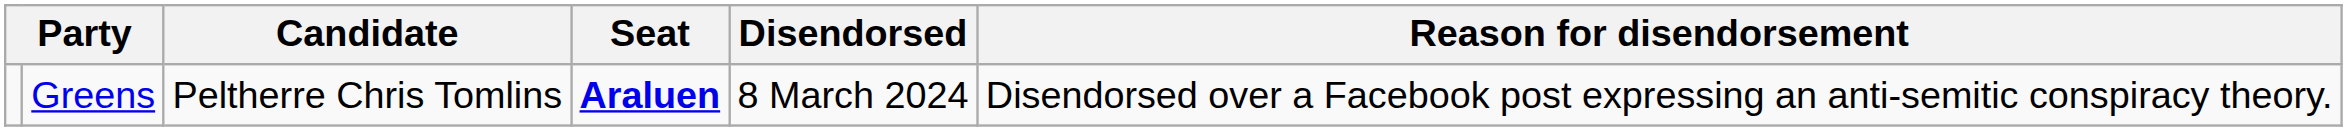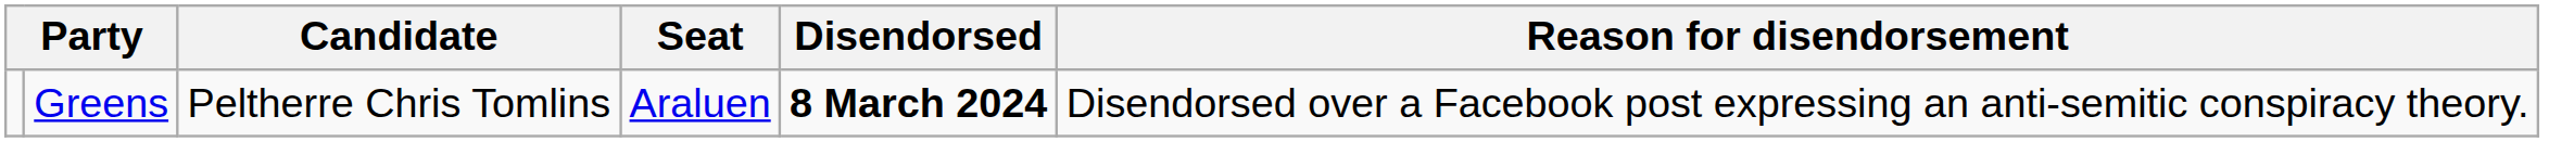 <table class="wikitable">
 <tr>
 <th colspan="2">Party</th>
 <th>Candidate</th>
 <th>Seat</th>
 <th>Disendorsed</th>
 <th>Reason for disendorsement</th>
 </tr>
 <tr>
 <td></td>
 <td><a href='#'>Greens</a></td>
 <td>Peltherre Chris Tomlins</td>
-<td><strong><a href='#'>Araluen</a></strong></td>
-<td>8 March 2024</td>
+<td><a href='#'>Araluen</a></td>
+<td><strong>8 March 2024</strong></td>
 <td>Disendorsed over a Facebook post expressing an anti-semitic conspiracy theory.</td>
 </tr>
 </table>
